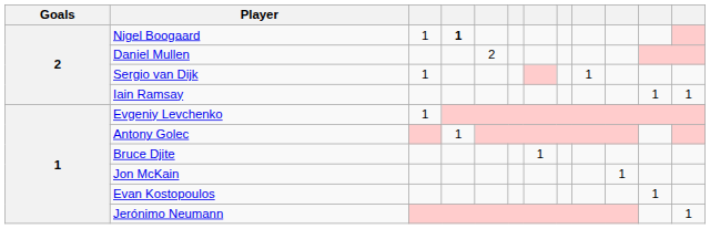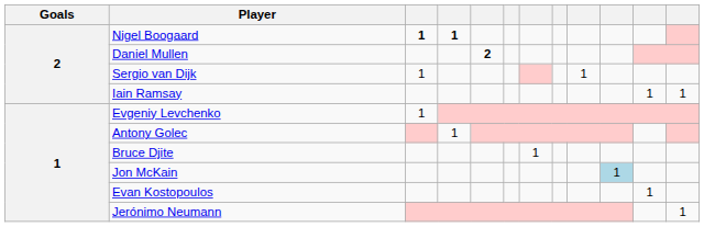 <table class="wikitable" style="text-align:center; font-size:90%;" width=800>
 <tr>
 <th>Goals</th>
 <th>Player</th>
 <th></th>
 <th></th>
 <th></th>
 <th></th>
 <th></th>
 <th></th>
 <th></th>
 <th></th>
 <th></th>
 <th></th>
 </tr>
 <tr>
 <th rowspan=4>2</th>
 <td align="left"> <a href='#'>Nigel Boogaard</a></td>
-<td>1</td>
+<td><strong>1</strong></td>
 <td><strong>1</strong></td>
 <td></td>
 <td></td>
 <td></td>
 <td></td>
 <td></td>
 <td></td>
 <td></td>
 <td style="background:#fcc;"></td>
 </tr>
 <tr>
 <td align="left"> <a href='#'>Daniel Mullen</a></td>
 <td></td>
 <td></td>
-<td>2</td>
+<td><strong>2</strong></td>
 <td></td>
 <td></td>
 <td></td>
 <td></td>
 <td></td>
 <td style="background:#fcc;" colspan=2></td>
 </tr>
 <tr>
 <td align="left"> <a href='#'>Sergio van Dijk</a></td>
 <td>1</td>
 <td></td>
 <td></td>
 <td></td>
 <td style="background:#fcc;"></td>
 <td></td>
 <td>1</td>
 <td></td>
 <td></td>
 <td></td>
 </tr>
 <tr>
 <td align="left"> <a href='#'>Iain Ramsay</a></td>
 <td></td>
 <td></td>
 <td></td>
 <td></td>
 <td></td>
 <td></td>
 <td></td>
 <td></td>
 <td>1</td>
 <td>1</td>
 </tr>
 <tr>
 <th rowspan=6>1</th>
 <td align="left"> <a href='#'>Evgeniy Levchenko</a></td>
 <td>1</td>
 <td style="background:#fcc;" colspan=9></td>
 </tr>
 <tr>
 <td align="left"> <a href='#'>Antony Golec</a></td>
 <td style="background:#fcc;"></td>
 <td>1</td>
 <td style="background:#fcc;" colspan=6></td>
 <td></td>
 <td style="background:#fcc;"></td>
 </tr>
 <tr>
 <td align="left"> <a href='#'>Bruce Djite</a></td>
 <td></td>
 <td></td>
 <td></td>
 <td></td>
 <td>1</td>
 <td></td>
 <td></td>
 <td></td>
 <td></td>
 <td></td>
 </tr>
 <tr>
 <td align="left"> <a href='#'>Jon McKain</a></td>
 <td></td>
 <td></td>
 <td></td>
 <td></td>
 <td></td>
 <td></td>
 <td></td>
-<td>1</td>
+<td style="background: lightblue;">1</td>
 <td></td>
 <td></td>
 </tr>
 <tr>
 <td align="left"> <a href='#'>Evan Kostopoulos</a></td>
 <td></td>
 <td></td>
 <td></td>
 <td></td>
 <td></td>
 <td></td>
 <td></td>
 <td></td>
 <td>1</td>
 <td></td>
 </tr>
 <tr>
 <td align="left"> <a href='#'>Jerónimo Neumann</a></td>
 <td style="background:#fcc;" colspan=8></td>
 <td></td>
 <td>1</td>
 </tr>
 </table>
